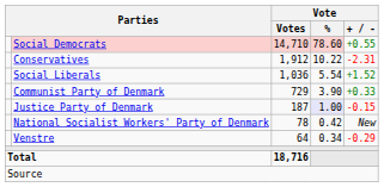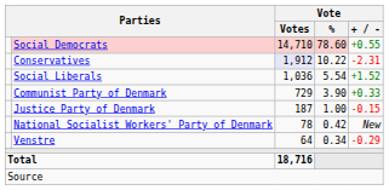 <table class="wikitable" style="text-align:right;">
 <tr>
 <th style="text-align:centre;" rowspan="2" colspan="2" width="225">Parties</th>
 <th colspan="3">Vote</th>
 </tr>
 <tr>
 <th width="15">Votes</th>
 <th width="15">%</th>
 <th width="15">+ / -</th>
 </tr>
 <tr>
 <td width="2" style="color:inherit;background:"></td>
 <td bgcolor=#fbd0ce  align="left"><a href='#'>Social Democrats</a></td>
 <td bgcolor=#fbd0ce>14,710</td>
 <td bgcolor=#fbd0ce>78.60</td>
 <td style=color:green;>+0.55</td>
 </tr>
 <tr>
 <td width="2" style="color:inherit;background:"></td>
 <td align="left"><a href='#'>Conservatives</a></td>
-<td>1,912</td>
+<td style="background: lavender;">1,912</td>
 <td>10.22</td>
 <td style=color:red;>-2.31</td>
 </tr>
 <tr>
 <td width="2" style="color:inherit;background:"></td>
 <td align="left"><a href='#'>Social Liberals</a></td>
 <td>1,036</td>
 <td>5.54</td>
 <td style=color:green;>+1.52</td>
 </tr>
 <tr>
 <td width="2" style="color:inherit;background:"></td>
 <td align="left"><a href='#'>Communist Party of Denmark</a></td>
 <td>729</td>
 <td>3.90</td>
 <td style=color:green;>+0.33</td>
 </tr>
 <tr>
 <td width="2" style="color:inherit;background:"></td>
 <td align="left"><a href='#'>Justice Party of Denmark</a></td>
 <td>187</td>
-<td style="background: lavender;">1.00</td>
+<td>1.00</td>
 <td style=color:red;>-0.15</td>
 </tr>
 <tr>
 <td width="2" style="color:inherit;background:"></td>
 <td align="left"><a href='#'>National Socialist Workers' Party of Denmark</a></td>
 <td>78</td>
 <td>0.42</td>
 <td><em>New</em></td>
 </tr>
 <tr>
 <td width="2" style="color:inherit;background:"></td>
 <td align="left"><a href='#'>Venstre</a></td>
 <td>64</td>
 <td>0.34</td>
 <td style=color:red;>-0.29</td>
 </tr>
 <tr>
 <td colspan="7" bgcolor="#E9E9E9"></td>
 </tr>
 <tr>
 <td align="left" colspan="2"><strong>Total</strong></td>
 <td><strong>18,716</strong></td>
 <td bgcolor="#E9E9E9" colspan="2"></td>
 </tr>
 <tr>
 <td align="left" colspan="6">Source</td>
 </tr>
 </table>
